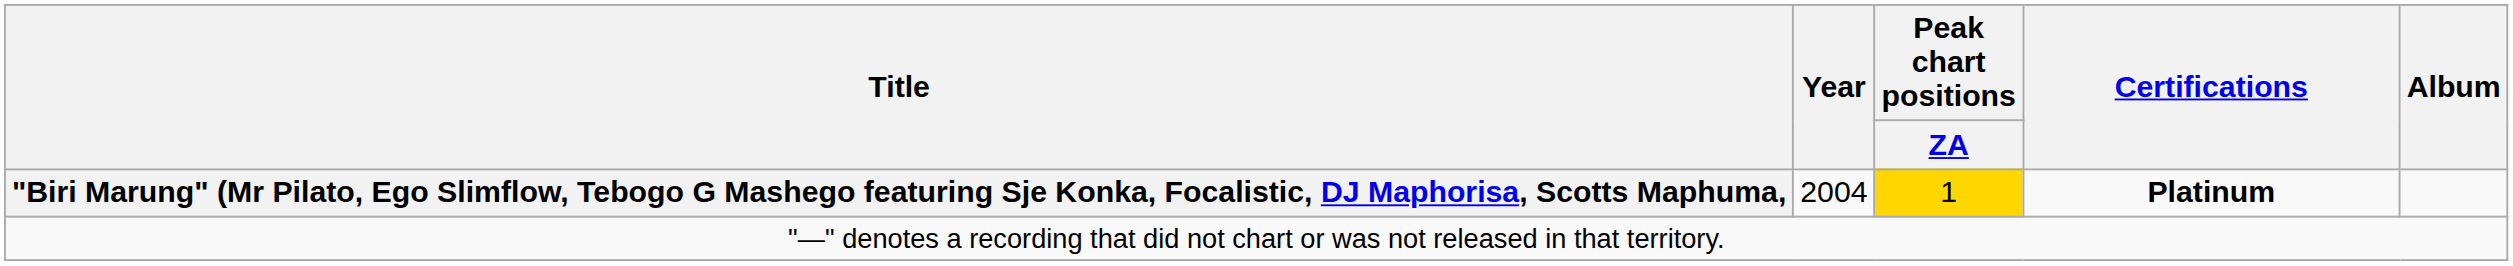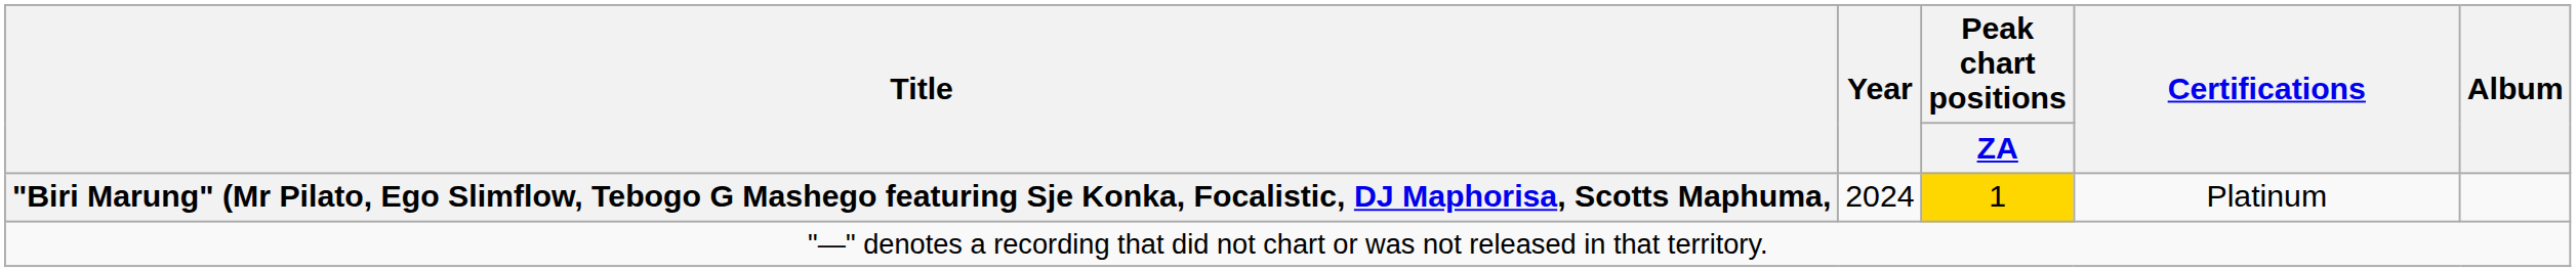 <table class="wikitable plainrowheaders" style="text-align:center;">
 <tr>
 <th scope="col" rowspan="2">Title</th>
 <th scope="col" rowspan="2">Year</th>
 <th scope="col" colspan="1">Peak chart positions</th>
 <th scope="col" rowspan="2" style="width:12em;"><a href='#'>Certifications</a></th>
 <th scope="col" rowspan="2">Album</th>
 </tr>
 <tr>
 <th scope="col" style="width:3em;font-size:100%;"><a href='#'>ZA</a><br></th>
 </tr>
 <tr>
 <th scope="row">"Biri Marung" (Mr Pilato, Ego Slimflow, Tebogo G Mashego featuring Sje Konka, Focalistic, <a href='#'>DJ Maphorisa</a>, Scotts Maphuma,</th>
-<td>2004</td>
+<td>2024</td>
 <td style="background: gold;">1</td>
-<td><strong>Platinum</strong></td>
+<td>Platinum</td>
 <td></td>
 </tr>
 <tr>
 <td colspan="8" style="font-size:90%">"—" denotes a recording that did not chart or was not released in that territory.</td>
 </tr>
 </table>
